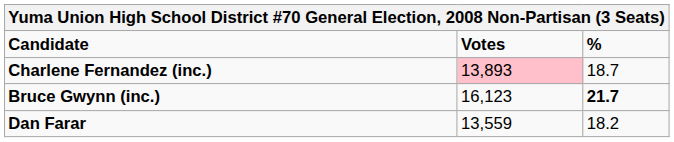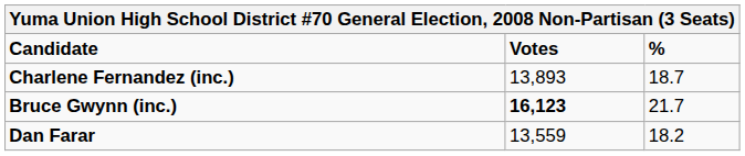 <table class="wikitable">
 <tr>
 <th colspan="4">Yuma Union High School District #70 General Election, 2008 Non-Partisan (3 Seats)</th>
 </tr>
 <tr>
 <td><strong>Candidate</strong></td>
 <td><strong>Votes</strong></td>
 <td><strong>%</strong></td>
 </tr>
 <tr>
 <td><strong>Charlene Fernandez (inc.)</strong></td>
-<td style="background: pink;">13,893</td>
+<td>13,893</td>
 <td>18.7</td>
 </tr>
 <tr>
 <td><strong>Bruce Gwynn (inc.)</strong></td>
-<td>16,123</td>
-<td><strong>21.7</strong></td>
+<td><strong>16,123</strong></td>
+<td>21.7</td>
 </tr>
 <tr>
 <td><strong>Dan Farar</strong></td>
 <td>13,559</td>
 <td>18.2</td>
 </tr>
 </table>
